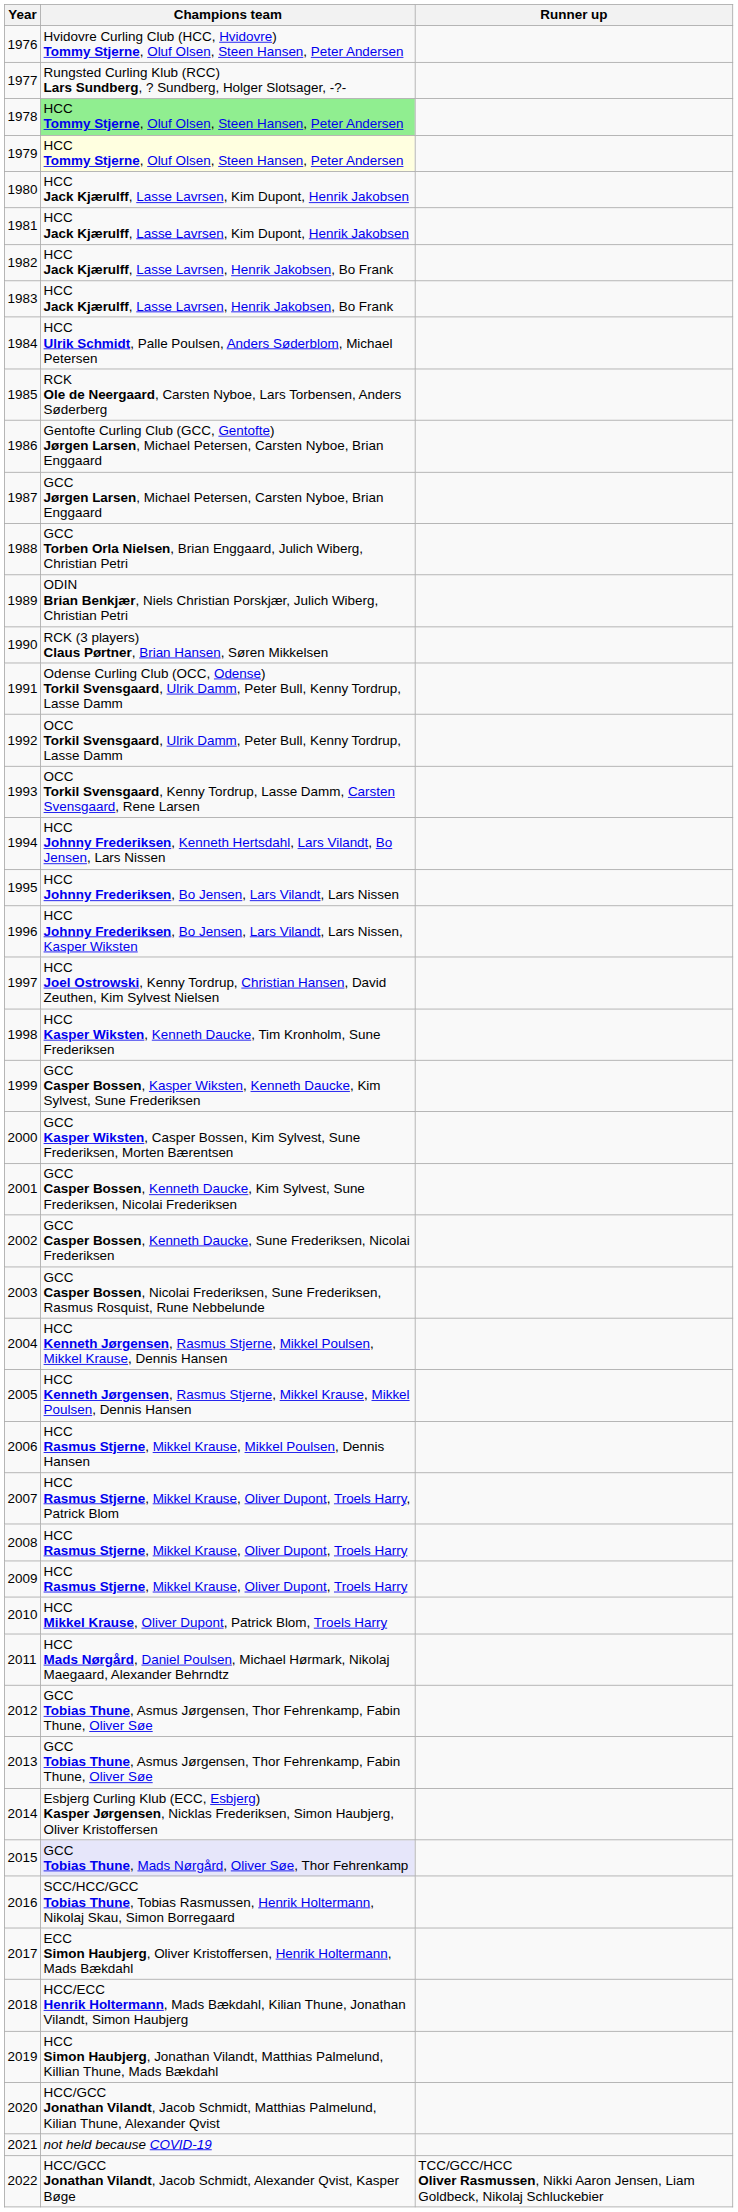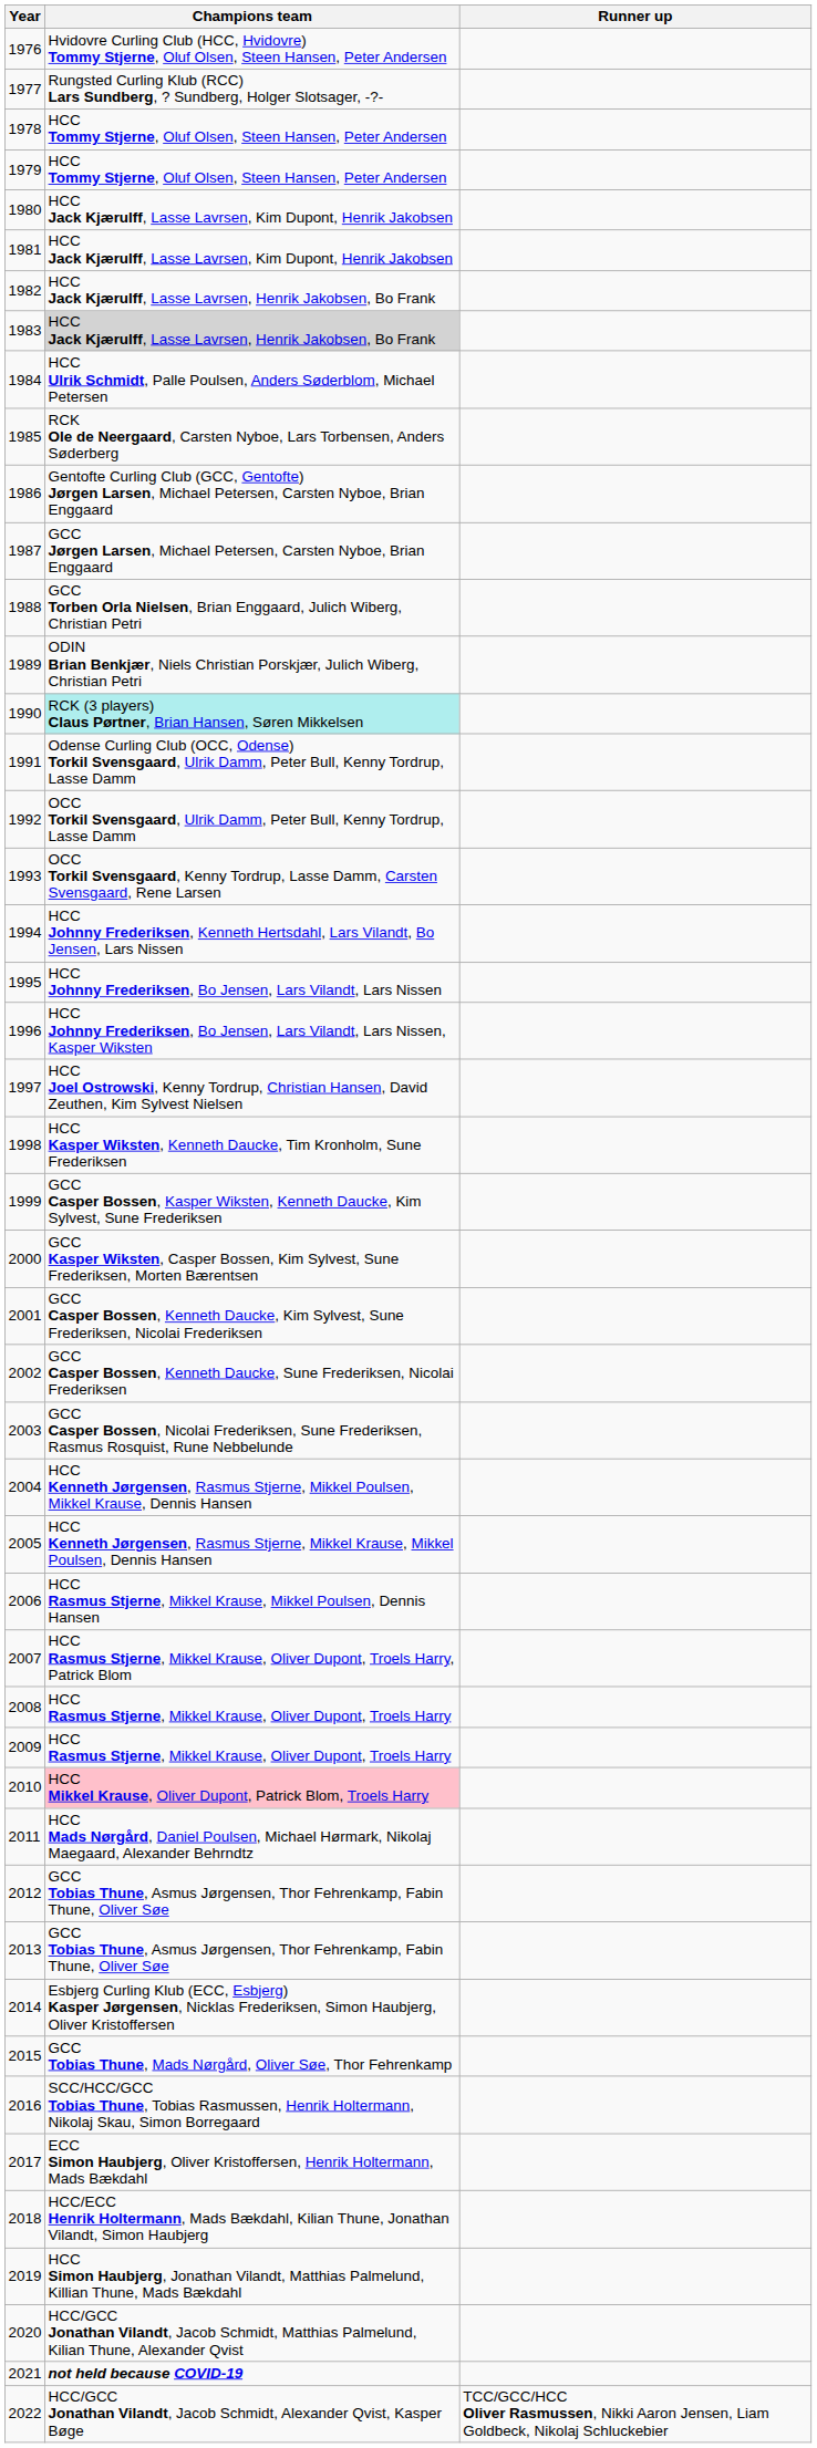 <table class="wikitable" border="1">
 <tr>
 <th>Year</th>
 <th>Champions team</th>
 <th>Runner up</th>
 </tr>
 <tr>
 <td>1976</td>
 <td>Hvidovre Curling Club (HCC, <a href='#'>Hvidovre</a>)<br><strong><a href='#'>Tommy Stjerne</a></strong>, <a href='#'>Oluf Olsen</a>, <a href='#'>Steen Hansen</a>, <a href='#'>Peter Andersen</a></td>
 <td></td>
 </tr>
 <tr>
 <td>1977</td>
 <td>Rungsted Curling Klub (RCC)<br><strong>Lars Sundberg</strong>, ? Sundberg, Holger Slotsager, -?-</td>
 <td></td>
 </tr>
 <tr>
 <td>1978</td>
-<td style="background: lightgreen;">HCC<br><strong><a href='#'>Tommy Stjerne</a></strong>, <a href='#'>Oluf Olsen</a>, <a href='#'>Steen Hansen</a>, <a href='#'>Peter Andersen</a></td>
+<td>HCC<br><strong><a href='#'>Tommy Stjerne</a></strong>, <a href='#'>Oluf Olsen</a>, <a href='#'>Steen Hansen</a>, <a href='#'>Peter Andersen</a></td>
 <td></td>
 </tr>
 <tr>
 <td>1979</td>
-<td style="background: lightyellow;">HCC<br><strong><a href='#'>Tommy Stjerne</a></strong>, <a href='#'>Oluf Olsen</a>, <a href='#'>Steen Hansen</a>, <a href='#'>Peter Andersen</a></td>
+<td>HCC<br><strong><a href='#'>Tommy Stjerne</a></strong>, <a href='#'>Oluf Olsen</a>, <a href='#'>Steen Hansen</a>, <a href='#'>Peter Andersen</a></td>
 <td></td>
 </tr>
 <tr>
 <td>1980</td>
 <td>HCC<br><strong>Jack Kjærulff</strong>, <a href='#'>Lasse Lavrsen</a>, Kim Dupont, <a href='#'>Henrik Jakobsen</a></td>
 <td></td>
 </tr>
 <tr>
 <td>1981</td>
 <td>HCC<br><strong>Jack Kjærulff</strong>, <a href='#'>Lasse Lavrsen</a>, Kim Dupont, <a href='#'>Henrik Jakobsen</a></td>
 <td></td>
 </tr>
 <tr>
 <td>1982</td>
 <td>HCC<br><strong>Jack Kjærulff</strong>, <a href='#'>Lasse Lavrsen</a>, <a href='#'>Henrik Jakobsen</a>, Bo Frank</td>
 <td></td>
 </tr>
 <tr>
 <td>1983</td>
-<td>HCC<br><strong>Jack Kjærulff</strong>, <a href='#'>Lasse Lavrsen</a>, <a href='#'>Henrik Jakobsen</a>, Bo Frank</td>
+<td style="background: lightgrey;">HCC<br><strong>Jack Kjærulff</strong>, <a href='#'>Lasse Lavrsen</a>, <a href='#'>Henrik Jakobsen</a>, Bo Frank</td>
 <td></td>
 </tr>
 <tr>
 <td>1984</td>
 <td>HCC<br><strong><a href='#'>Ulrik Schmidt</a></strong>, Palle Poulsen, <a href='#'>Anders Søderblom</a>, Michael Petersen</td>
 <td></td>
 </tr>
 <tr>
 <td>1985</td>
 <td>RCK<br><strong>Ole de Neergaard</strong>, Carsten Nyboe, Lars Torbensen, Anders Søderberg</td>
 <td></td>
 </tr>
 <tr>
 <td>1986</td>
 <td>Gentofte Curling Club (GCC, <a href='#'>Gentofte</a>)<br><strong>Jørgen Larsen</strong>, Michael Petersen, Carsten Nyboe, Brian Enggaard</td>
 <td></td>
 </tr>
 <tr>
 <td>1987</td>
 <td>GCC<br><strong>Jørgen Larsen</strong>, Michael Petersen, Carsten Nyboe, Brian Enggaard</td>
 <td></td>
 </tr>
 <tr>
 <td>1988</td>
 <td>GCC<br><strong>Torben Orla Nielsen</strong>, Brian Enggaard, Julich Wiberg, Christian Petri</td>
 <td></td>
 </tr>
 <tr>
 <td>1989</td>
 <td>ODIN<br><strong>Brian Benkjær</strong>, Niels Christian Porskjær, Julich Wiberg, Christian Petri</td>
 <td></td>
 </tr>
 <tr>
 <td>1990</td>
-<td>RCK (3 players)<br><strong>Claus Pørtner</strong>, <a href='#'>Brian Hansen</a>, Søren Mikkelsen</td>
+<td style="background: paleturquoise;">RCK (3 players)<br><strong>Claus Pørtner</strong>, <a href='#'>Brian Hansen</a>, Søren Mikkelsen</td>
 <td></td>
 </tr>
 <tr>
 <td>1991</td>
 <td>Odense Curling Club (OCC, <a href='#'>Odense</a>)<br><strong>Torkil Svensgaard</strong>, <a href='#'>Ulrik Damm</a>, Peter Bull, Kenny Tordrup, Lasse Damm</td>
 <td></td>
 </tr>
 <tr>
 <td>1992</td>
 <td>OCC<br><strong>Torkil Svensgaard</strong>, <a href='#'>Ulrik Damm</a>, Peter Bull, Kenny Tordrup, Lasse Damm</td>
 <td></td>
 </tr>
 <tr>
 <td>1993</td>
 <td>OCC<br><strong>Torkil Svensgaard</strong>, Kenny Tordrup, Lasse Damm, <a href='#'>Carsten Svensgaard</a>, Rene Larsen</td>
 <td></td>
 </tr>
 <tr>
 <td>1994</td>
 <td>HCC<br><strong><a href='#'>Johnny Frederiksen</a></strong>, <a href='#'>Kenneth Hertsdahl</a>, <a href='#'>Lars Vilandt</a>, <a href='#'>Bo Jensen</a>, Lars Nissen</td>
 <td></td>
 </tr>
 <tr>
 <td>1995</td>
 <td>HCC<br><strong><a href='#'>Johnny Frederiksen</a></strong>, <a href='#'>Bo Jensen</a>, <a href='#'>Lars Vilandt</a>, Lars Nissen</td>
 <td></td>
 </tr>
 <tr>
 <td>1996</td>
 <td>HCC<br><strong><a href='#'>Johnny Frederiksen</a></strong>, <a href='#'>Bo Jensen</a>, <a href='#'>Lars Vilandt</a>, Lars Nissen, <a href='#'>Kasper Wiksten</a></td>
 <td></td>
 </tr>
 <tr>
 <td>1997</td>
 <td>HCC<br><strong><a href='#'>Joel Ostrowski</a></strong>, Kenny Tordrup, <a href='#'>Christian Hansen</a>, David Zeuthen, Kim Sylvest Nielsen</td>
 <td></td>
 </tr>
 <tr>
 <td>1998</td>
 <td>HCC<br><strong><a href='#'>Kasper Wiksten</a></strong>, <a href='#'>Kenneth Daucke</a>, Tim Kronholm, Sune Frederiksen</td>
 <td></td>
 </tr>
 <tr>
 <td>1999</td>
 <td>GCC<br><strong>Casper Bossen</strong>, <a href='#'>Kasper Wiksten</a>, <a href='#'>Kenneth Daucke</a>, Kim Sylvest, Sune Frederiksen</td>
 <td></td>
 </tr>
 <tr>
 <td>2000</td>
 <td>GCC<br><strong><a href='#'>Kasper Wiksten</a></strong>, Casper Bossen, Kim Sylvest, Sune Frederiksen, Morten Bærentsen</td>
 <td></td>
 </tr>
 <tr>
 <td>2001</td>
 <td>GCC<br><strong>Casper Bossen</strong>, <a href='#'>Kenneth Daucke</a>, Kim Sylvest, Sune Frederiksen, Nicolai Frederiksen</td>
 <td></td>
 </tr>
 <tr>
 <td>2002</td>
 <td>GCC<br><strong>Casper Bossen</strong>, <a href='#'>Kenneth Daucke</a>, Sune Frederiksen, Nicolai Frederiksen</td>
 <td></td>
 </tr>
 <tr>
 <td>2003</td>
 <td>GCC<br><strong>Casper Bossen</strong>, Nicolai Frederiksen, Sune Frederiksen, Rasmus Rosquist, Rune Nebbelunde</td>
 <td></td>
 </tr>
 <tr>
 <td>2004</td>
 <td>HCC<br><strong><a href='#'>Kenneth Jørgensen</a></strong>, <a href='#'>Rasmus Stjerne</a>, <a href='#'>Mikkel Poulsen</a>, <a href='#'>Mikkel Krause</a>, Dennis Hansen</td>
 <td></td>
 </tr>
 <tr>
 <td>2005</td>
 <td>HCC<br><strong><a href='#'>Kenneth Jørgensen</a></strong>, <a href='#'>Rasmus Stjerne</a>, <a href='#'>Mikkel Krause</a>, <a href='#'>Mikkel Poulsen</a>, Dennis Hansen</td>
 <td></td>
 </tr>
 <tr>
 <td>2006</td>
 <td>HCC<br><strong><a href='#'>Rasmus Stjerne</a></strong>, <a href='#'>Mikkel Krause</a>, <a href='#'>Mikkel Poulsen</a>, Dennis Hansen</td>
 <td></td>
 </tr>
 <tr>
 <td>2007</td>
 <td>HCC<br><strong><a href='#'>Rasmus Stjerne</a></strong>, <a href='#'>Mikkel Krause</a>, <a href='#'>Oliver Dupont</a>, <a href='#'>Troels Harry</a>, Patrick Blom</td>
 <td></td>
 </tr>
 <tr>
 <td>2008</td>
 <td>HCC<br><strong><a href='#'>Rasmus Stjerne</a></strong>, <a href='#'>Mikkel Krause</a>, <a href='#'>Oliver Dupont</a>, <a href='#'>Troels Harry</a></td>
 <td></td>
 </tr>
 <tr>
 <td>2009</td>
 <td>HCC<br><strong><a href='#'>Rasmus Stjerne</a></strong>, <a href='#'>Mikkel Krause</a>, <a href='#'>Oliver Dupont</a>, <a href='#'>Troels Harry</a></td>
 <td></td>
 </tr>
 <tr>
 <td>2010</td>
-<td>HCC<br><strong><a href='#'>Mikkel Krause</a></strong>, <a href='#'>Oliver Dupont</a>, Patrick Blom, <a href='#'>Troels Harry</a></td>
+<td style="background: pink;">HCC<br><strong><a href='#'>Mikkel Krause</a></strong>, <a href='#'>Oliver Dupont</a>, Patrick Blom, <a href='#'>Troels Harry</a></td>
 <td></td>
 </tr>
 <tr>
 <td>2011</td>
 <td>HCC<br><strong><a href='#'>Mads Nørgård</a></strong>, <a href='#'>Daniel Poulsen</a>, Michael Hørmark, Nikolaj Maegaard, Alexander Behrndtz</td>
 <td></td>
 </tr>
 <tr>
 <td>2012</td>
 <td>GCC<br><strong><a href='#'>Tobias Thune</a></strong>, Asmus Jørgensen, Thor Fehrenkamp, Fabin Thune, <a href='#'>Oliver Søe</a></td>
 <td></td>
 </tr>
 <tr>
 <td>2013</td>
 <td>GCC<br><strong><a href='#'>Tobias Thune</a></strong>, Asmus Jørgensen, Thor Fehrenkamp, Fabin Thune, <a href='#'>Oliver Søe</a></td>
 <td></td>
 </tr>
 <tr>
 <td>2014</td>
 <td>Esbjerg Curling Klub (ECC, <a href='#'>Esbjerg</a>)<br><strong>Kasper Jørgensen</strong>, Nicklas Frederiksen, Simon Haubjerg, Oliver Kristoffersen</td>
 <td></td>
 </tr>
 <tr>
 <td>2015</td>
-<td style="background: lavender;">GCC<br><strong><a href='#'>Tobias Thune</a></strong>, <a href='#'>Mads Nørgård</a>, <a href='#'>Oliver Søe</a>, Thor Fehrenkamp</td>
+<td>GCC<br><strong><a href='#'>Tobias Thune</a></strong>, <a href='#'>Mads Nørgård</a>, <a href='#'>Oliver Søe</a>, Thor Fehrenkamp</td>
 <td></td>
 </tr>
 <tr>
 <td>2016</td>
 <td>SCC/HCC/GCC<br><strong><a href='#'>Tobias Thune</a></strong>, Tobias Rasmussen, <a href='#'>Henrik Holtermann</a>, Nikolaj Skau, Simon Borregaard</td>
 <td></td>
 </tr>
 <tr>
 <td>2017</td>
 <td>ECC<br><strong>Simon Haubjerg</strong>, Oliver Kristoffersen, <a href='#'>Henrik Holtermann</a>, Mads Bækdahl</td>
 <td></td>
 </tr>
 <tr>
 <td>2018</td>
 <td>HCC/ECC<br><strong><a href='#'>Henrik Holtermann</a></strong>, Mads Bækdahl, Kilian Thune, Jonathan Vilandt, Simon Haubjerg</td>
 <td></td>
 </tr>
 <tr>
 <td>2019</td>
 <td>HCC<br><strong>Simon Haubjerg</strong>, Jonathan Vilandt, Matthias Palmelund, Killian Thune, Mads Bækdahl</td>
 <td></td>
 </tr>
 <tr>
 <td>2020</td>
 <td>HCC/GCC<br><strong>Jonathan Vilandt</strong>, Jacob Schmidt, Matthias Palmelund, Kilian Thune, Alexander Qvist</td>
 <td></td>
 </tr>
 <tr>
 <td>2021</td>
-<td><em>not held because <a href='#'>COVID-19</a></em></td>
+<td><strong><em>not held because <a href='#'>COVID-19</a></em></strong></td>
 <td></td>
 </tr>
 <tr>
 <td>2022</td>
 <td>HCC/GCC<br><strong>Jonathan Vilandt</strong>, Jacob Schmidt, Alexander Qvist, Kasper Bøge</td>
 <td>TCC/GCC/HCC<br><strong>Oliver Rasmussen</strong>, Nikki Aaron Jensen, Liam Goldbeck, Nikolaj Schluckebier</td>
 </tr>
 </table>
